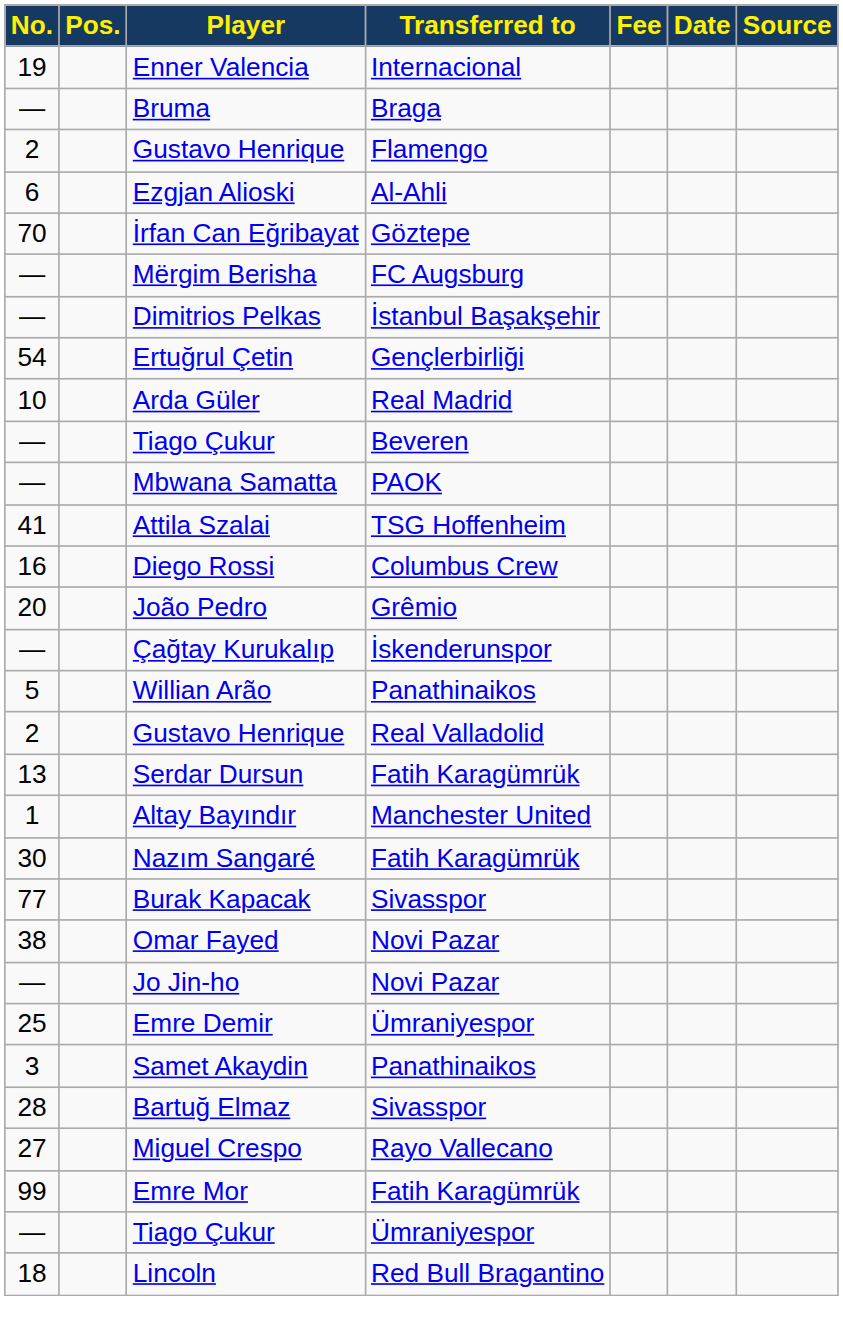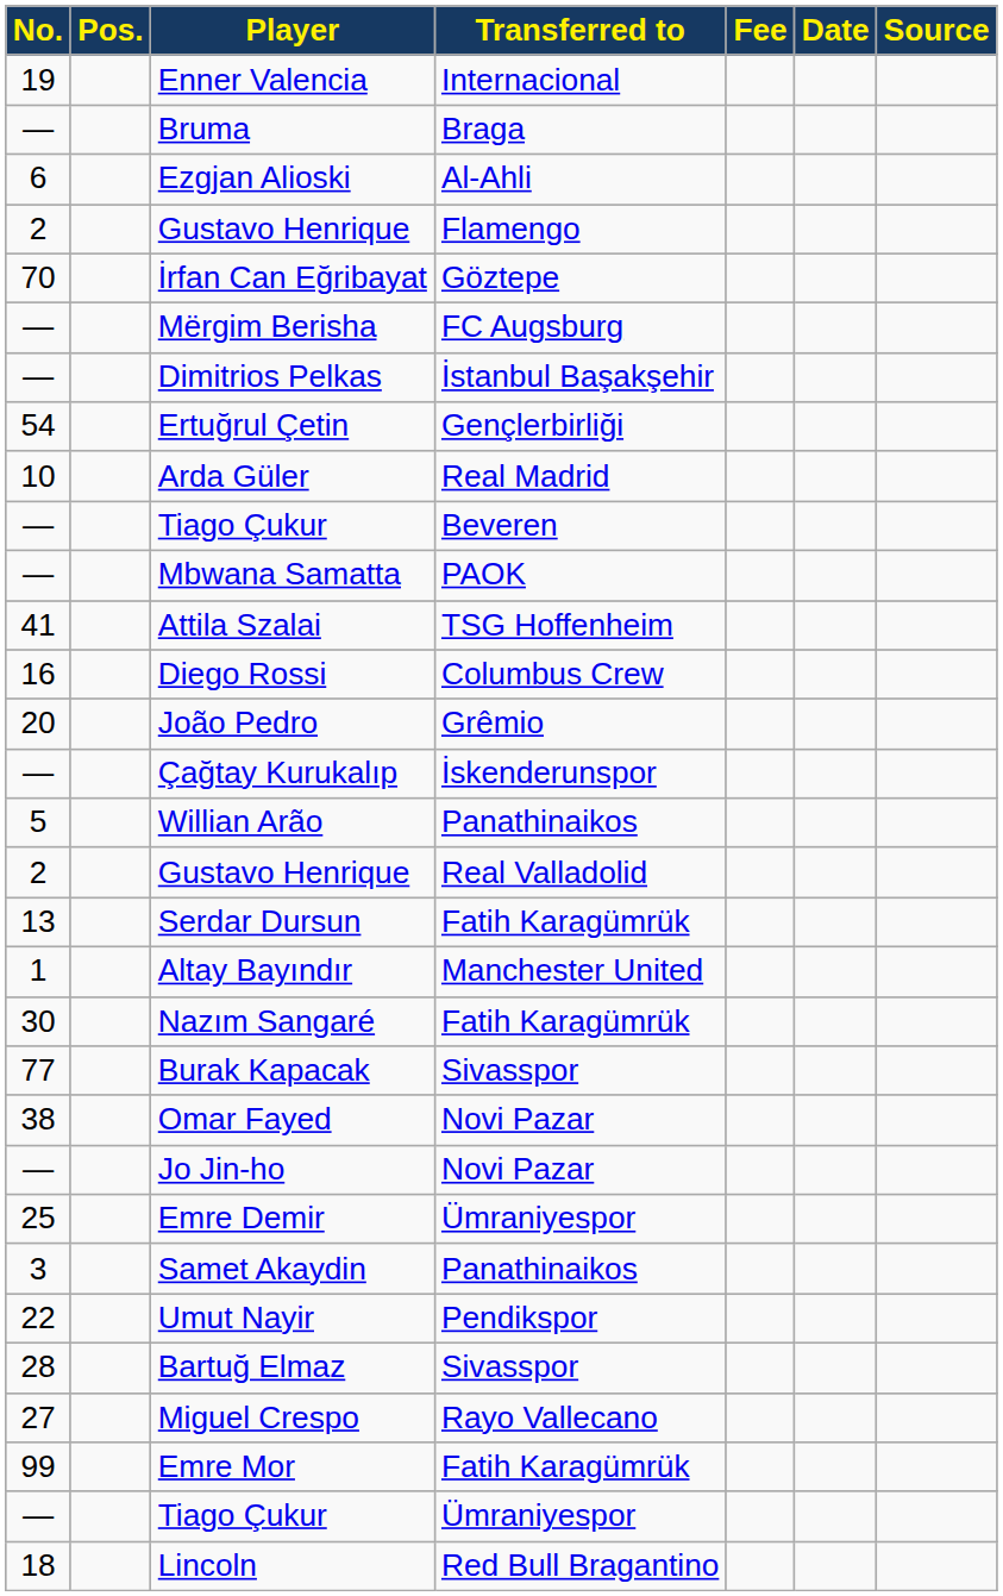 <table class="wikitable plainrowheaders sortable">
 <tr>
 <th style="background:#163962; color:#FFF000; ">No.</th>
 <th style="background:#163962; color:#FFF000; ">Pos.</th>
 <th style="background:#163962; color:#FFF000; ">Player</th>
 <th style="background:#163962; color:#FFF000; ">Transferred to</th>
 <th style="background:#163962; color:#FFF000; ">Fee</th>
 <th style="background:#163962; color:#FFF000; ">Date</th>
 <th style="background:#163962; color:#FFF000; ">Source</th>
 </tr>
 <tr>
 <td align=center>19</td>
 <td align=center></td>
 <td> <a href='#'>Enner Valencia</a></td>
 <td> <a href='#'>Internacional</a></td>
 <td></td>
 <td></td>
 <td align=center></td>
 </tr>
 <tr>
 <td align=center>—</td>
 <td align=center></td>
 <td> <a href='#'>Bruma</a></td>
 <td> <a href='#'>Braga</a></td>
 <td></td>
 <td></td>
 <td align=center></td>
 </tr>
 <tr>
-<td align=center>2</td>
+<td align=center>6</td>
 <td align=center></td>
-<td> <a href='#'>Gustavo Henrique</a></td>
-<td> <a href='#'>Flamengo</a></td>
+<td> <a href='#'>Ezgjan Alioski</a></td>
+<td> <a href='#'>Al-Ahli</a></td>
 <td></td>
 <td></td>
 <td align=center></td>
 </tr>
 <tr>
-<td align=center>6</td>
+<td align=center>2</td>
 <td align=center></td>
-<td> <a href='#'>Ezgjan Alioski</a></td>
-<td> <a href='#'>Al-Ahli</a></td>
+<td> <a href='#'>Gustavo Henrique</a></td>
+<td> <a href='#'>Flamengo</a></td>
 <td></td>
 <td></td>
 <td align=center></td>
 </tr>
 <tr>
 <td align=center>70</td>
 <td align=center></td>
 <td> <a href='#'>İrfan Can Eğribayat</a></td>
 <td> <a href='#'>Göztepe</a></td>
 <td></td>
 <td></td>
 <td align=center></td>
 </tr>
 <tr>
 <td align=center>—</td>
 <td align=center></td>
 <td> <a href='#'>Mërgim Berisha</a></td>
 <td> <a href='#'>FC Augsburg</a></td>
 <td></td>
 <td></td>
 <td align=center></td>
 </tr>
 <tr>
 <td align=center>—</td>
 <td align=center></td>
 <td> <a href='#'>Dimitrios Pelkas</a></td>
 <td> <a href='#'>İstanbul Başakşehir</a></td>
 <td></td>
 <td></td>
 <td align=center></td>
 </tr>
 <tr>
 <td align=center>54</td>
 <td align=center></td>
 <td> <a href='#'>Ertuğrul Çetin</a></td>
 <td> <a href='#'>Gençlerbirliği</a></td>
 <td></td>
 <td></td>
 <td align=center></td>
 </tr>
 <tr>
 <td align=center>10</td>
 <td align=center></td>
 <td> <a href='#'>Arda Güler</a></td>
 <td> <a href='#'>Real Madrid</a></td>
 <td></td>
 <td></td>
 <td align=center></td>
 </tr>
 <tr>
 <td align=center>—</td>
 <td align=center></td>
 <td> <a href='#'>Tiago Çukur</a></td>
 <td> <a href='#'>Beveren</a></td>
 <td></td>
 <td></td>
 <td align=center></td>
 </tr>
 <tr>
 <td align=center>—</td>
 <td align=center></td>
 <td> <a href='#'>Mbwana Samatta</a></td>
 <td> <a href='#'>PAOK</a></td>
 <td></td>
 <td></td>
 <td align=center></td>
 </tr>
 <tr>
 <td align=center>41</td>
 <td align=center></td>
 <td> <a href='#'>Attila Szalai</a></td>
 <td> <a href='#'>TSG Hoffenheim</a></td>
 <td></td>
 <td></td>
 <td align=center></td>
 </tr>
 <tr>
 <td align=center>16</td>
 <td align=center></td>
 <td> <a href='#'>Diego Rossi</a></td>
 <td> <a href='#'>Columbus Crew</a></td>
 <td></td>
 <td></td>
 <td align=center></td>
 </tr>
 <tr>
 <td align=center>20</td>
 <td align=center></td>
 <td> <a href='#'>João Pedro</a></td>
 <td> <a href='#'>Grêmio</a></td>
 <td></td>
 <td></td>
 <td align=center></td>
 </tr>
 <tr>
 <td align=center>—</td>
 <td align=center></td>
 <td> <a href='#'>Çağtay Kurukalıp</a></td>
 <td> <a href='#'>İskenderunspor</a></td>
 <td></td>
 <td></td>
 <td align=center></td>
 </tr>
 <tr>
 <td align=center>5</td>
 <td align=center></td>
 <td> <a href='#'>Willian Arão</a></td>
 <td> <a href='#'>Panathinaikos</a></td>
 <td></td>
 <td></td>
 <td align=center></td>
 </tr>
 <tr>
 <td align=center>2</td>
 <td align=center></td>
 <td> <a href='#'>Gustavo Henrique</a></td>
 <td> <a href='#'>Real Valladolid</a></td>
 <td></td>
 <td></td>
 <td align=center></td>
 </tr>
 <tr>
 <td align=center>13</td>
 <td align=center></td>
 <td> <a href='#'>Serdar Dursun</a></td>
 <td> <a href='#'>Fatih Karagümrük</a></td>
 <td></td>
 <td></td>
 <td align=center></td>
 </tr>
 <tr>
 <td align=center>1</td>
 <td align=center></td>
 <td> <a href='#'>Altay Bayındır</a></td>
 <td> <a href='#'>Manchester United</a></td>
 <td></td>
 <td></td>
 <td align=center></td>
 </tr>
 <tr>
 <td align=center>30</td>
 <td align=center></td>
 <td> <a href='#'>Nazım Sangaré</a></td>
 <td> <a href='#'>Fatih Karagümrük</a></td>
 <td></td>
 <td></td>
 <td align=center></td>
 </tr>
 <tr>
 <td align=center>77</td>
 <td align=center></td>
 <td> <a href='#'>Burak Kapacak</a></td>
 <td> <a href='#'>Sivasspor</a></td>
 <td></td>
 <td></td>
 <td align=center></td>
 </tr>
 <tr>
 <td align=center>38</td>
 <td align=center></td>
 <td> <a href='#'>Omar Fayed</a></td>
 <td> <a href='#'>Novi Pazar</a></td>
 <td></td>
 <td></td>
 <td align=center></td>
 </tr>
 <tr>
 <td align=center>—</td>
 <td align=center></td>
 <td> <a href='#'>Jo Jin-ho</a></td>
 <td> <a href='#'>Novi Pazar</a></td>
 <td></td>
 <td></td>
 <td align=center></td>
 </tr>
 <tr>
 <td align=center>25</td>
 <td align=center></td>
 <td> <a href='#'>Emre Demir</a></td>
 <td> <a href='#'>Ümraniyespor</a></td>
 <td></td>
 <td></td>
 <td align=center></td>
 </tr>
 <tr>
 <td align=center>3</td>
 <td align=center></td>
 <td> <a href='#'>Samet Akaydin</a></td>
 <td> <a href='#'>Panathinaikos</a></td>
 <td></td>
 <td></td>
 <td align=center></td>
 </tr>
 <tr>
+<td align=center>22</td>
+<td align=center></td>
+<td> <a href='#'>Umut Nayir</a></td>
+<td> <a href='#'>Pendikspor</a></td>
+<td></td>
+<td></td>
+<td align=center></td>
+</tr>
+<tr>
 <td align=center>28</td>
 <td align=center></td>
 <td> <a href='#'>Bartuğ Elmaz</a></td>
 <td> <a href='#'>Sivasspor</a></td>
 <td></td>
 <td></td>
 <td align=center></td>
 </tr>
 <tr>
 <td align=center>27</td>
 <td align=center></td>
 <td> <a href='#'>Miguel Crespo</a></td>
 <td> <a href='#'>Rayo Vallecano</a></td>
 <td></td>
 <td></td>
 <td align=center></td>
 </tr>
 <tr>
 <td align=center>99</td>
 <td align=center></td>
 <td> <a href='#'>Emre Mor</a></td>
 <td> <a href='#'>Fatih Karagümrük</a></td>
 <td></td>
 <td></td>
 <td align=center></td>
 </tr>
 <tr>
 <td align=center>—</td>
 <td align=center></td>
 <td> <a href='#'>Tiago Çukur</a></td>
 <td> <a href='#'>Ümraniyespor</a></td>
 <td></td>
 <td></td>
 <td align=center></td>
 </tr>
 <tr>
 <td align=center>18</td>
 <td align=center></td>
 <td> <a href='#'>Lincoln</a></td>
 <td> <a href='#'>Red Bull Bragantino</a></td>
 <td></td>
 <td></td>
 <td align=center></td>
 </tr>
 </table>
